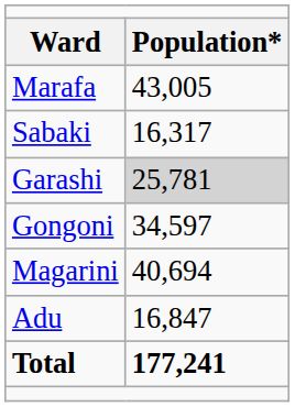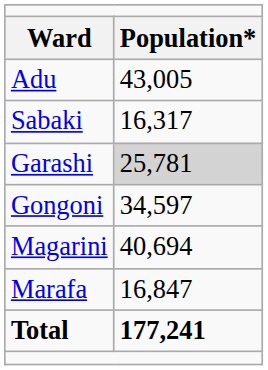 <table class="wikitable">
 <tr>
 <td colspan="2"></td>
 </tr>
 <tr>
 <th>Ward</th>
 <th>Population*</th>
 </tr>
 <tr>
-<td><a href='#'>Marafa</a></td>
+<td><a href='#'>Adu</a></td>
 <td>43,005</td>
 </tr>
 <tr>
 <td><a href='#'>Sabaki</a></td>
 <td>16,317</td>
 </tr>
 <tr>
 <td><a href='#'>Garashi</a></td>
 <td style="background: lightgrey;">25,781</td>
 </tr>
 <tr>
 <td><a href='#'>Gongoni</a></td>
 <td>34,597</td>
 </tr>
 <tr>
 <td><a href='#'>Magarini</a></td>
 <td>40,694</td>
 </tr>
 <tr>
-<td><a href='#'>Adu</a></td>
+<td><a href='#'>Marafa</a></td>
 <td>16,847</td>
 </tr>
 <tr>
 <td><strong>Total</strong></td>
 <td><strong>177,241</strong></td>
 </tr>
 <tr>
 <td colspan="2"></td>
 </tr>
 </table>
